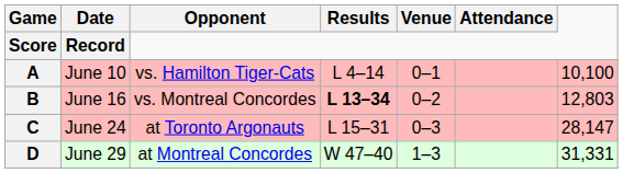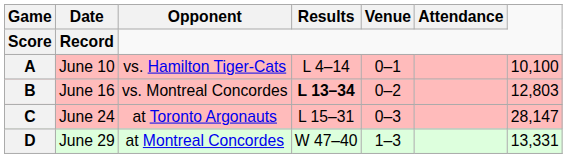 <table class="wikitable" style="text-align:center">
 <tr>
 <th>Game</th>
 <th>Date</th>
 <th>Opponent</th>
 <th>Results</th>
 <th>Venue</th>
 <th>Attendance</th>
 </tr>
 <tr>
 <th>Score</th>
 <th>Record</th>
 </tr>
 <tr style="background:#ffbbbb">
 <th>A</th>
 <td>June 10</td>
 <td>vs. <a href='#'>Hamilton Tiger-Cats</a></td>
 <td>L 4–14</td>
 <td>0–1</td>
 <td></td>
 <td>10,100</td>
 </tr>
 <tr style="background:#ffbbbb">
 <th>B</th>
 <td>June 16</td>
 <td>vs. Montreal Concordes</td>
 <td><strong>L 13–34</strong></td>
 <td>0–2</td>
 <td></td>
 <td>12,803</td>
 </tr>
 <tr style="background:#ffbbbb">
 <th>C</th>
 <td>June 24</td>
 <td>at <a href='#'>Toronto Argonauts</a></td>
 <td>L 15–31</td>
 <td>0–3</td>
 <td></td>
 <td>28,147</td>
 </tr>
 <tr style="background:#ddffdd">
 <th>D</th>
 <td>June 29</td>
 <td>at <a href='#'>Montreal Concordes</a></td>
 <td>W 47–40</td>
 <td>1–3</td>
 <td></td>
-<td>31,331</td>
+<td>13,331</td>
 </tr>
 </table>
